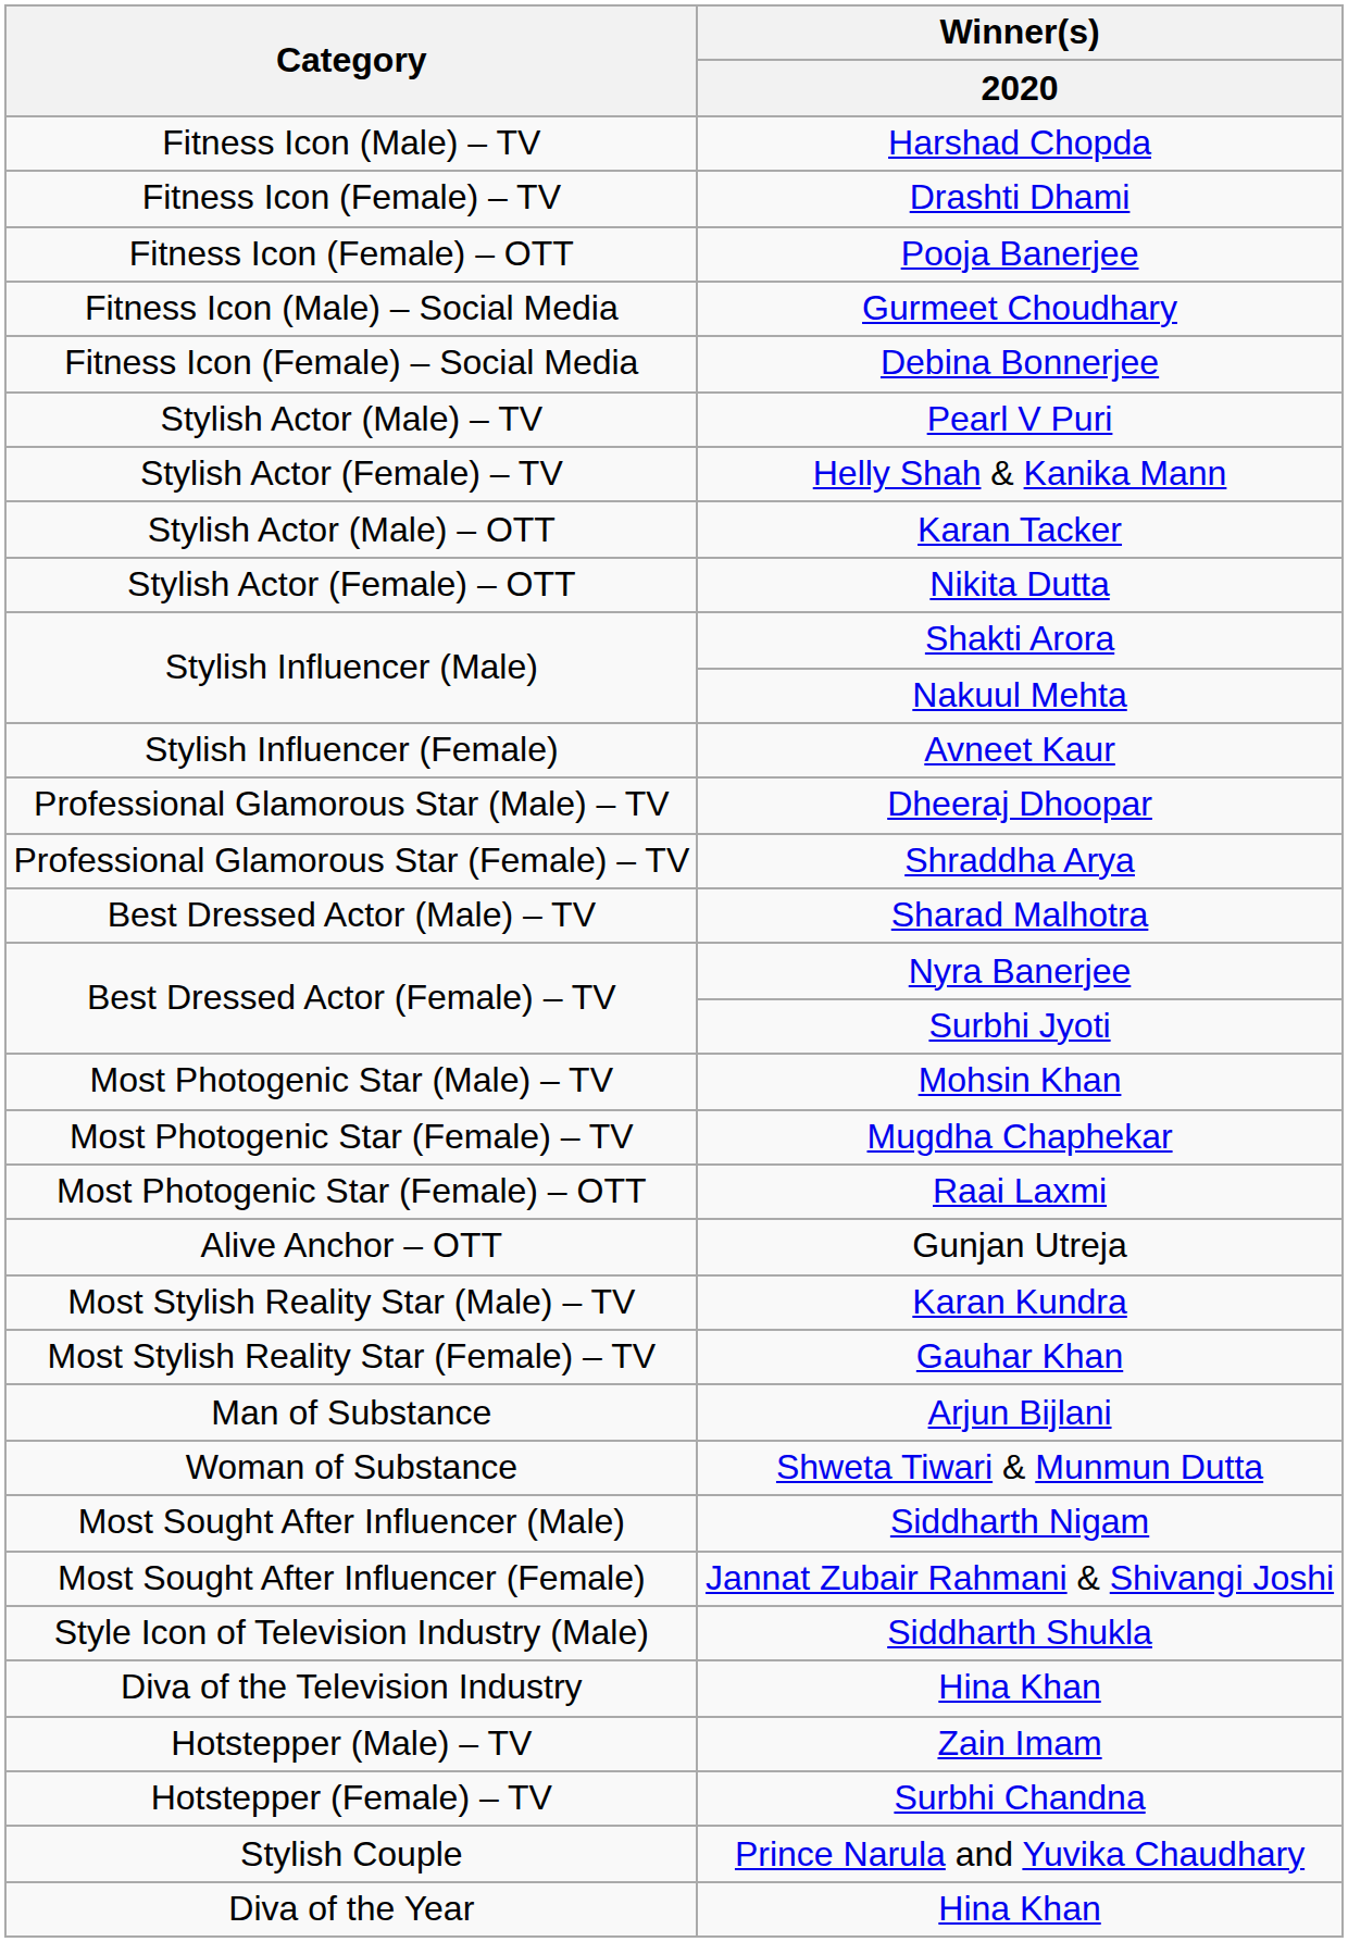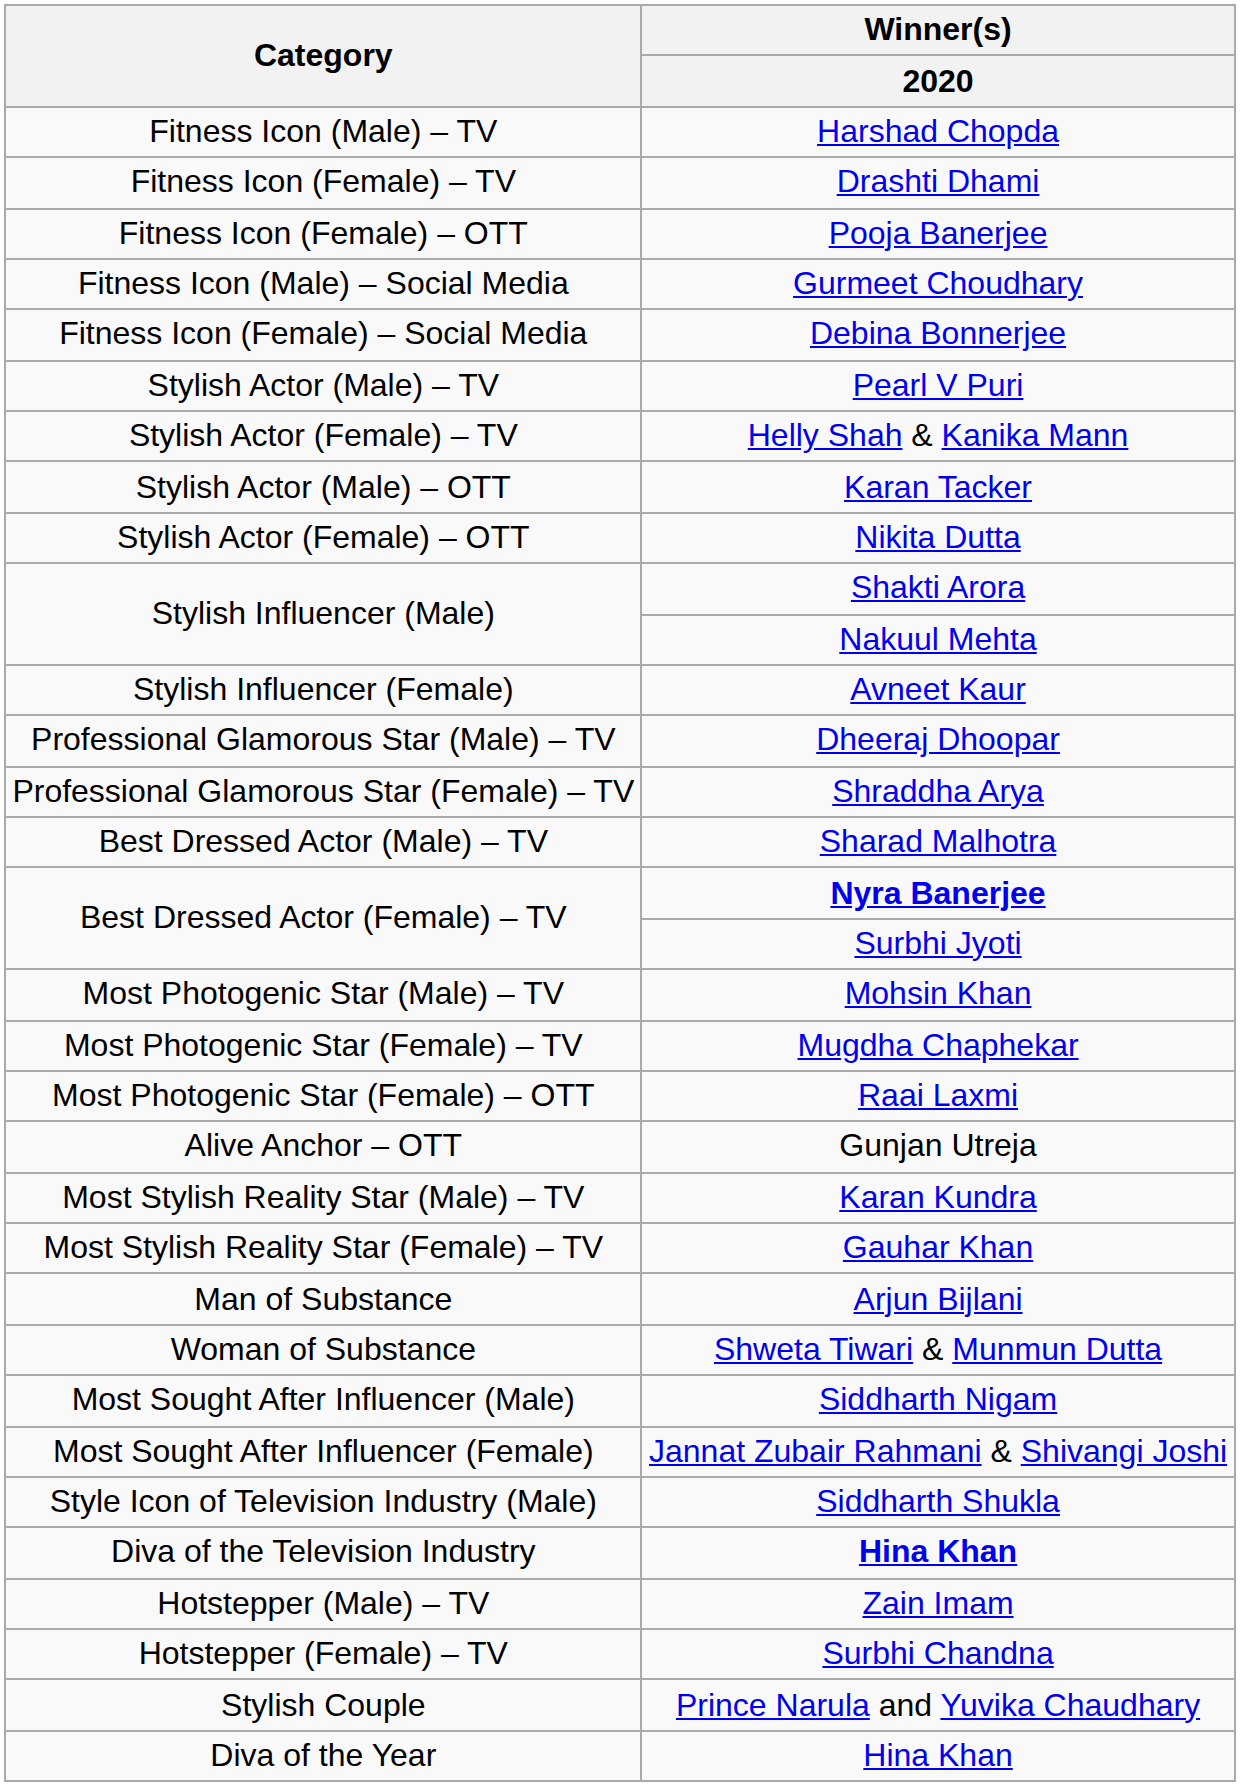 <table class="wikitable" style="text-align:center;">
 <tr>
 <th rowspan="2">Category</th>
 <th colspan="5">Winner(s)</th>
 </tr>
 <tr>
 <th>2020</th>
 </tr>
 <tr>
 <td>Fitness Icon (Male) – TV</td>
 <td><a href='#'>Harshad Chopda</a></td>
 </tr>
 <tr>
 <td>Fitness Icon (Female) – TV</td>
 <td><a href='#'>Drashti Dhami</a></td>
 </tr>
 <tr>
 <td>Fitness Icon (Female) – OTT</td>
 <td><a href='#'>Pooja Banerjee</a></td>
 </tr>
 <tr>
 <td>Fitness Icon (Male) – Social Media</td>
 <td><a href='#'>Gurmeet Choudhary</a></td>
 </tr>
 <tr>
 <td>Fitness Icon (Female) – Social Media</td>
 <td><a href='#'>Debina Bonnerjee</a></td>
 </tr>
 <tr>
 <td>Stylish Actor (Male) – TV</td>
 <td><a href='#'>Pearl V Puri</a></td>
 </tr>
 <tr>
 <td>Stylish Actor (Female) – TV</td>
 <td><a href='#'>Helly Shah</a> & <a href='#'>Kanika Mann</a></td>
 </tr>
 <tr>
 <td>Stylish Actor (Male) – OTT</td>
 <td><a href='#'>Karan Tacker</a></td>
 </tr>
 <tr>
 <td>Stylish Actor (Female) – OTT</td>
 <td><a href='#'>Nikita Dutta</a></td>
 </tr>
 <tr>
 <td rowspan=2>Stylish Influencer (Male)</td>
 <td><a href='#'>Shakti Arora</a></td>
 </tr>
 <tr>
 <td><a href='#'>Nakuul Mehta</a></td>
 </tr>
 <tr>
 <td>Stylish Influencer (Female)</td>
 <td><a href='#'>Avneet Kaur</a></td>
 </tr>
 <tr>
 <td>Professional Glamorous Star (Male) – TV</td>
 <td><a href='#'>Dheeraj Dhoopar</a></td>
 </tr>
 <tr>
 <td>Professional Glamorous Star (Female) – TV</td>
 <td><a href='#'>Shraddha Arya</a></td>
 </tr>
 <tr>
 <td>Best Dressed Actor (Male) – TV</td>
 <td><a href='#'>Sharad Malhotra</a></td>
 </tr>
 <tr>
 <td rowspan=2>Best Dressed Actor (Female) – TV</td>
-<td><a href='#'>Nyra Banerjee</a></td>
+<td><strong><a href='#'>Nyra Banerjee</a></strong></td>
 </tr>
 <tr>
 <td><a href='#'>Surbhi Jyoti</a></td>
 </tr>
 <tr>
 <td>Most Photogenic Star (Male) – TV</td>
 <td><a href='#'>Mohsin Khan</a></td>
 </tr>
 <tr>
 <td>Most Photogenic Star (Female) – TV</td>
 <td><a href='#'>Mugdha Chaphekar</a></td>
 </tr>
 <tr>
 <td>Most Photogenic Star (Female) – OTT</td>
 <td><a href='#'>Raai Laxmi</a></td>
 </tr>
 <tr>
 <td>Alive Anchor – OTT</td>
 <td>Gunjan Utreja</td>
 </tr>
 <tr>
 <td>Most Stylish Reality Star (Male) – TV</td>
 <td><a href='#'>Karan Kundra</a></td>
 </tr>
 <tr>
 <td>Most Stylish Reality Star (Female) – TV</td>
 <td><a href='#'>Gauhar Khan</a></td>
 </tr>
 <tr>
 <td>Man of Substance</td>
 <td><a href='#'>Arjun Bijlani</a></td>
 </tr>
 <tr>
 <td>Woman of Substance</td>
 <td><a href='#'>Shweta Tiwari</a> & <a href='#'>Munmun Dutta</a></td>
 </tr>
 <tr>
 <td>Most Sought After Influencer (Male)</td>
 <td><a href='#'>Siddharth Nigam</a></td>
 </tr>
 <tr>
 <td>Most Sought After Influencer (Female)</td>
 <td><a href='#'>Jannat Zubair Rahmani</a> & <a href='#'>Shivangi Joshi</a></td>
 </tr>
 <tr>
 <td>Style Icon of Television Industry (Male)</td>
 <td><a href='#'>Siddharth Shukla</a></td>
 </tr>
 <tr>
 <td>Diva of the Television Industry</td>
-<td><a href='#'>Hina Khan</a></td>
+<td><strong><a href='#'>Hina Khan</a></strong></td>
 </tr>
 <tr>
 <td>Hotstepper (Male) – TV</td>
 <td><a href='#'>Zain Imam</a></td>
 </tr>
 <tr>
 <td>Hotstepper (Female) – TV</td>
 <td><a href='#'>Surbhi Chandna</a></td>
 </tr>
 <tr>
 <td>Stylish Couple</td>
 <td><a href='#'>Prince Narula</a> and <a href='#'>Yuvika Chaudhary</a></td>
 </tr>
 <tr>
 <td>Diva of the Year</td>
 <td><a href='#'>Hina Khan</a></td>
 </tr>
 </table>
